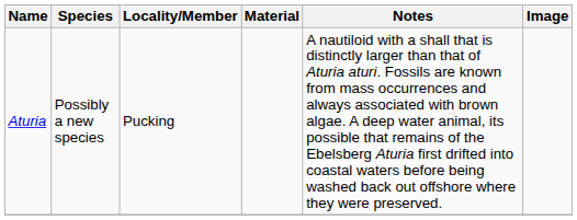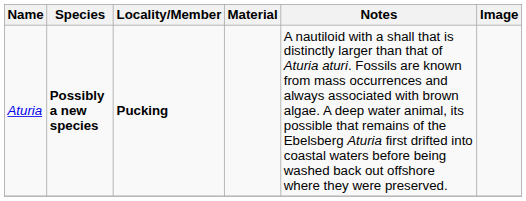 <table class="wikitable" align="center" width="100%">
 <tr>
 <th>Name</th>
 <th>Species</th>
 <th>Locality/Member</th>
 <th>Material</th>
 <th>Notes</th>
 <th>Image</th>
 </tr>
 <tr>
 <td><em><a href='#'>Aturia</a></em></td>
-<td>Possibly a new species</td>
-<td>Pucking</td>
+<td><strong>Possibly a new species</strong></td>
+<td><strong>Pucking</strong></td>
 <td></td>
 <td>A nautiloid with a shall that is distinctly larger than that of <em>Aturia aturi</em>. Fossils are known from mass occurrences and always associated with brown algae. A deep water animal, its possible that remains of the Ebelsberg <em>Aturia</em> first drifted into coastal waters before being washed back out offshore where they were preserved.</td>
 <td></td>
 </tr>
 <tr>
 </tr>
 </table>
